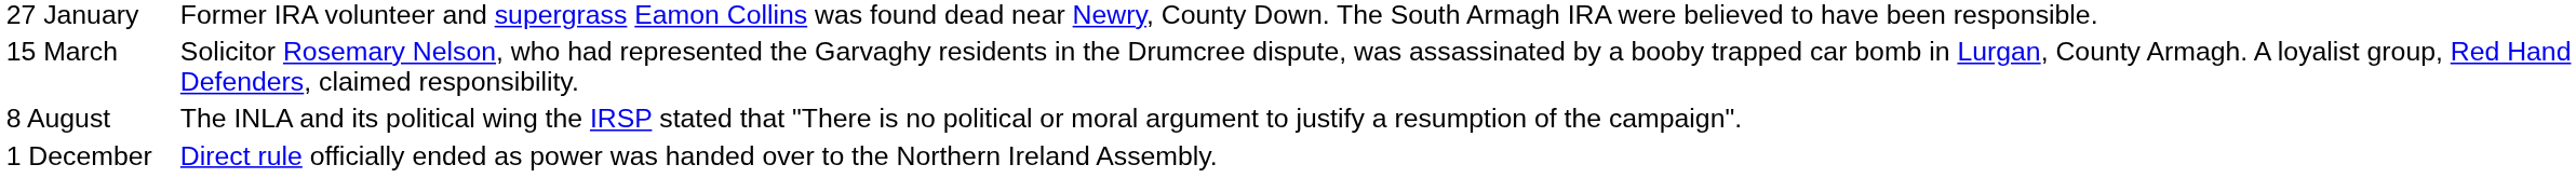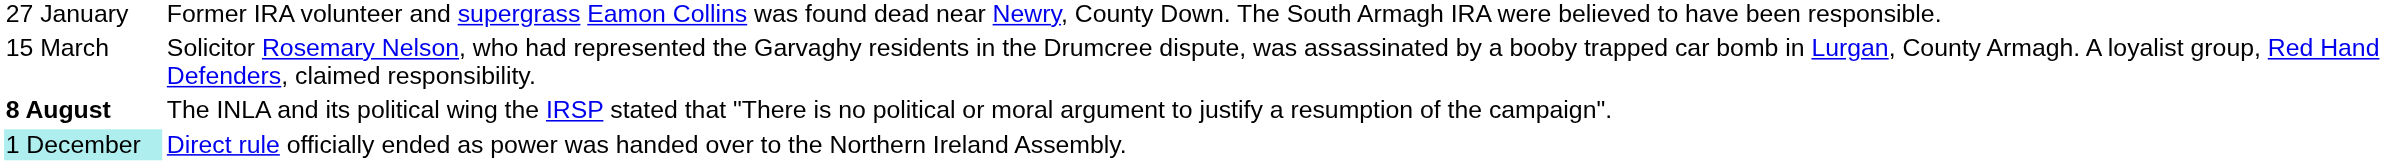 <table width=100%>
 <tr>
 <td style="width:100px; vertical-align:top;">27 January</td>
 <td>Former IRA volunteer and <a href='#'>supergrass</a> <a href='#'>Eamon Collins</a> was found dead near <a href='#'>Newry</a>, County Down. The South Armagh IRA were believed to have been responsible.</td>
 </tr>
 <tr>
 <td valign="top">15 March</td>
 <td>Solicitor <a href='#'>Rosemary Nelson</a>, who had represented the Garvaghy residents in the Drumcree dispute, was assassinated by a booby trapped car bomb in <a href='#'>Lurgan</a>, County Armagh. A loyalist group, <a href='#'>Red Hand Defenders</a>, claimed responsibility.</td>
 </tr>
 <tr>
-<td valign="top">8 August</td>
+<td valign="top"><strong>8 August</strong></td>
 <td>The INLA and its political wing the <a href='#'>IRSP</a> stated that "There is no political or moral argument to justify a resumption of the campaign".</td>
 </tr>
 <tr>
-<td valign="top">1 December</td>
+<td valign="top" style="background: paleturquoise;">1 December</td>
 <td><a href='#'>Direct rule</a> officially ended as power was handed over to the Northern Ireland Assembly.</td>
 </tr>
 </table>
